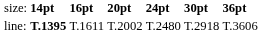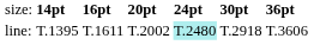 <table style="margin-left:40px;">
 <tr>
 <td>size:</td>
 <td><strong>14pt</strong></td>
 <td><strong>16pt</strong></td>
 <td><strong>20pt</strong></td>
 <td><strong>24pt</strong></td>
 <td><strong>30pt</strong></td>
 <td><strong>36pt</strong></td>
 </tr>
 <tr>
 <td>line:</td>
-<td><strong>T.1395</strong></td>
+<td>T.1395</td>
 <td>T.1611</td>
 <td>T.2002</td>
-<td>T.2480</td>
+<td style="background: paleturquoise;">T.2480</td>
 <td>T.2918</td>
 <td>T.3606</td>
 </tr>
 </table>
